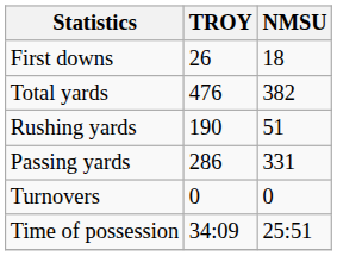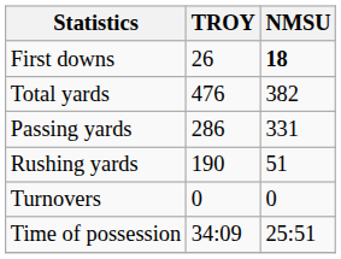 <table class="wikitable" style="float: left;">
 <tr>
 <th>Statistics</th>
 <th>TROY</th>
 <th>NMSU</th>
 </tr>
 <tr>
 <td>First downs</td>
 <td>26</td>
-<td>18</td>
+<td><strong>18</strong></td>
 </tr>
 <tr>
 <td>Total yards</td>
 <td>476</td>
 <td>382</td>
 </tr>
 <tr>
+<td>Passing yards</td>
+<td>286</td>
+<td>331</td>
+</tr>
+<tr>
 <td>Rushing yards</td>
 <td>190</td>
 <td>51</td>
-</tr>
-<tr>
-<td>Passing yards</td>
-<td>286</td>
-<td>331</td>
 </tr>
 <tr>
 <td>Turnovers</td>
 <td>0</td>
 <td>0</td>
 </tr>
 <tr>
 <td>Time of possession</td>
 <td>34:09</td>
 <td>25:51</td>
 </tr>
 <tr>
 </tr>
 </table>
